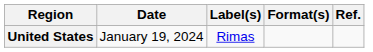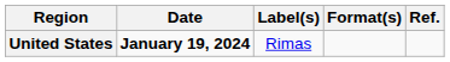 <table class="wikitable plainrowheaders" style="text-align:center;">
 <tr>
 <th scope="col">Region</th>
 <th scope="col">Date</th>
 <th scope="col">Label(s)</th>
 <th scope="col">Format(s)</th>
 <th scope="col">Ref.</th>
 </tr>
 <tr>
 <th scope="row" style="text-align:center;">United States</th>
-<td>January 19, 2024</td>
+<td><strong>January 19, 2024</strong></td>
 <td rowspan="2"><a href='#'>Rimas</a></td>
 <td></td>
 <td></td>
 </tr>
 </table>
